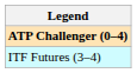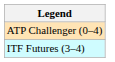 <table class=wikitable style=font-size:97%>
 <tr>
 <th>Legend</th>
 </tr>
 <tr bgcolor=moccasin>
-<td><strong>ATP Challenger (0–4)</strong></td>
+<td>ATP Challenger (0–4)</td>
 </tr>
 <tr bgcolor=cffcff>
 <td>ITF Futures (3–4)</td>
 </tr>
 </table>
